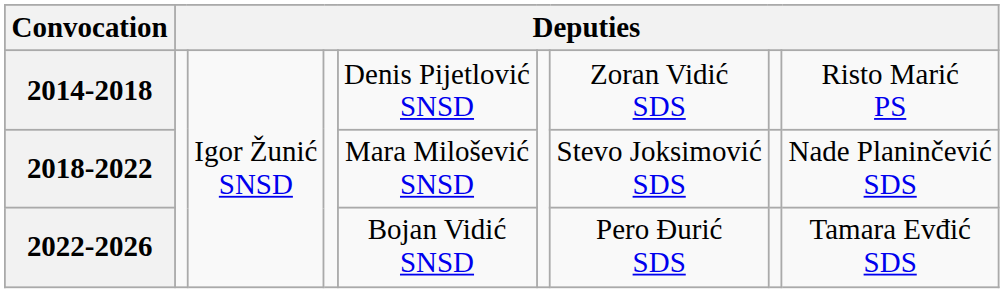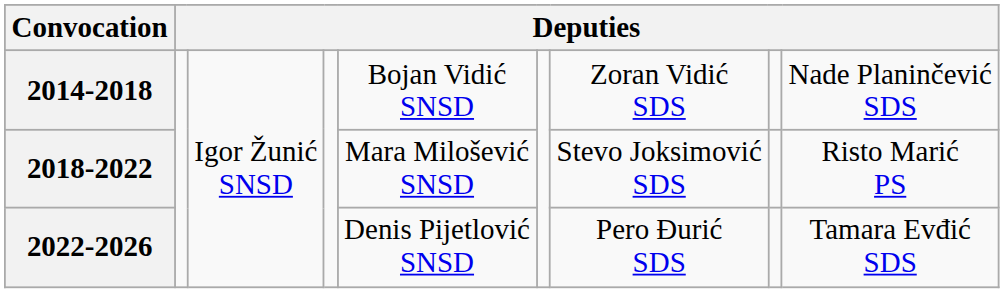 <table class="wikitable" style="text-align:center">
 <tr>
 <th>Convocation</th>
 <th colspan=8>Deputies</th>
 </tr>
 <tr>
 <th>2014-2018</th>
 <td rowspan=3; style="background-color: "></td>
 <td rowspan=3>Igor Žunić<br><a href='#'>SNSD</a></td>
 <td rowspan=3; style="background-color: "></td>
-<td>Denis Pijetlović<br><a href='#'>SNSD</a></td>
+<td>Bojan Vidić<br><a href='#'>SNSD</a></td>
 <td rowspan=3; style="background-color: "></td>
 <td>Zoran Vidić<br><a href='#'>SDS</a></td>
 <td rowspan=1; style="background-color: "></td>
-<td>Risto Marić<br><a href='#'>PS</a></td>
+<td>Nade Planinčević<br><a href='#'>SDS</a></td>
 </tr>
 <tr>
 <th>2018-2022</th>
 <td>Mara Milošević<br><a href='#'>SNSD</a></td>
 <td>Stevo Joksimović<br><a href='#'>SDS</a></td>
 <td rowspan=1; style="background-color: "></td>
-<td>Nade Planinčević<br><a href='#'>SDS</a></td>
+<td>Risto Marić<br><a href='#'>PS</a></td>
 </tr>
 <tr>
 <th>2022-2026</th>
-<td>Bojan Vidić<br><a href='#'>SNSD</a></td>
+<td>Denis Pijetlović<br><a href='#'>SNSD</a></td>
 <td>Pero Đurić<br><a href='#'>SDS</a></td>
 <td rowspan=1; style="background-color: "></td>
 <td>Tamara Evđić<br><a href='#'>SDS</a></td>
 </tr>
 </table>
